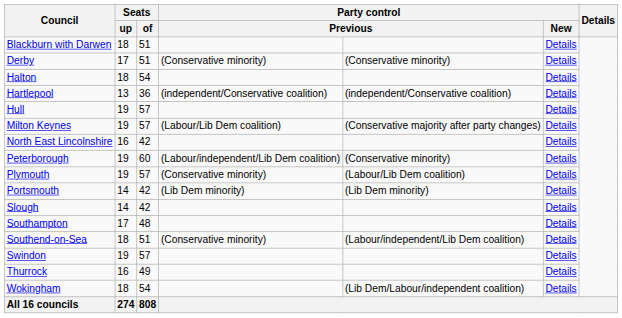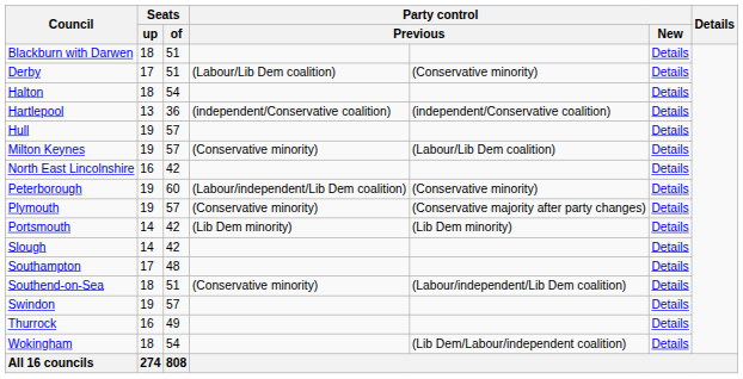 <table class="wikitable sortable">
 <tr>
 <th rowspan="2">Council</th>
 <th colspan="2">Seats</th>
 <th colspan="4">Party control</th>
 <th rowspan="2">Details</th>
 </tr>
 <tr>
 <th>up</th>
 <th>of</th>
 <th colspan="2">Previous</th>
 <th colspan="2">New</th>
 </tr>
 <tr>
 <td><a href='#'>Blackburn with Darwen</a></td>
 <td>18</td>
 <td>51</td>
 <td></td>
 <td></td>
 <td><a href='#'>Details</a></td>
 </tr>
 <tr>
 <td><a href='#'>Derby</a></td>
 <td>17</td>
 <td>51</td>
-<td> (Conservative minority)</td>
+<td> (Labour/Lib Dem coalition)</td>
 <td> (Conservative minority)</td>
 <td><a href='#'>Details</a></td>
 </tr>
 <tr>
 <td><a href='#'>Halton</a></td>
 <td>18</td>
 <td>54</td>
 <td></td>
 <td></td>
 <td><a href='#'>Details</a></td>
 </tr>
 <tr>
 <td><a href='#'>Hartlepool</a></td>
 <td>13</td>
 <td>36</td>
 <td> (independent/Conservative coalition)</td>
 <td> (independent/Conservative coalition)</td>
 <td><a href='#'>Details</a></td>
 </tr>
 <tr>
 <td><a href='#'>Hull</a></td>
 <td>19</td>
 <td>57</td>
 <td></td>
 <td></td>
 <td><a href='#'>Details</a></td>
 </tr>
 <tr>
 <td><a href='#'>Milton Keynes</a></td>
 <td>19</td>
 <td>57</td>
+<td> (Conservative minority)</td>
 <td> (Labour/Lib Dem coalition)</td>
-<td> (Conservative majority after party changes)</td>
 <td><a href='#'>Details</a></td>
 </tr>
 <tr>
 <td><a href='#'>North East Lincolnshire</a></td>
 <td>16</td>
 <td>42</td>
 <td></td>
 <td></td>
 <td><a href='#'>Details</a></td>
 </tr>
 <tr>
 <td><a href='#'>Peterborough</a></td>
 <td>19</td>
 <td>60</td>
 <td> (Labour/independent/Lib Dem coalition)</td>
 <td> (Conservative minority)</td>
 <td><a href='#'>Details</a></td>
 </tr>
 <tr>
 <td><a href='#'>Plymouth</a></td>
 <td>19</td>
 <td>57</td>
 <td> (Conservative minority)</td>
-<td> (Labour/Lib Dem coalition)</td>
+<td> (Conservative majority after party changes)</td>
 <td><a href='#'>Details</a></td>
 </tr>
 <tr>
 <td><a href='#'>Portsmouth</a></td>
 <td>14</td>
 <td>42</td>
 <td> (Lib Dem minority)</td>
 <td> (Lib Dem minority)</td>
 <td><a href='#'>Details</a></td>
 </tr>
 <tr>
 <td><a href='#'>Slough</a></td>
 <td>14</td>
 <td>42</td>
 <td></td>
 <td></td>
 <td><a href='#'>Details</a></td>
 </tr>
 <tr>
 <td><a href='#'>Southampton</a></td>
 <td>17</td>
 <td>48</td>
 <td></td>
 <td></td>
 <td><a href='#'>Details</a></td>
 </tr>
 <tr>
 <td><a href='#'>Southend-on-Sea</a></td>
 <td>18</td>
 <td>51</td>
 <td> (Conservative minority)</td>
 <td> (Labour/independent/Lib Dem coalition)</td>
 <td><a href='#'>Details</a></td>
 </tr>
 <tr>
 <td><a href='#'>Swindon</a></td>
 <td>19</td>
 <td>57</td>
 <td></td>
 <td></td>
 <td><a href='#'>Details</a></td>
 </tr>
 <tr>
 <td><a href='#'>Thurrock</a></td>
 <td>16</td>
 <td>49</td>
 <td></td>
 <td></td>
 <td><a href='#'>Details</a></td>
 </tr>
 <tr>
 <td><a href='#'>Wokingham</a></td>
 <td>18</td>
 <td>54</td>
 <td></td>
 <td> (Lib Dem/Labour/independent coalition)</td>
 <td><a href='#'>Details</a></td>
 </tr>
 <tr class="sortbottom">
 <th style="text-align:left;">All 16 councils</th>
 <th>274</th>
 <th>808</th>
 <th colspan="5"></th>
 </tr>
 </table>
